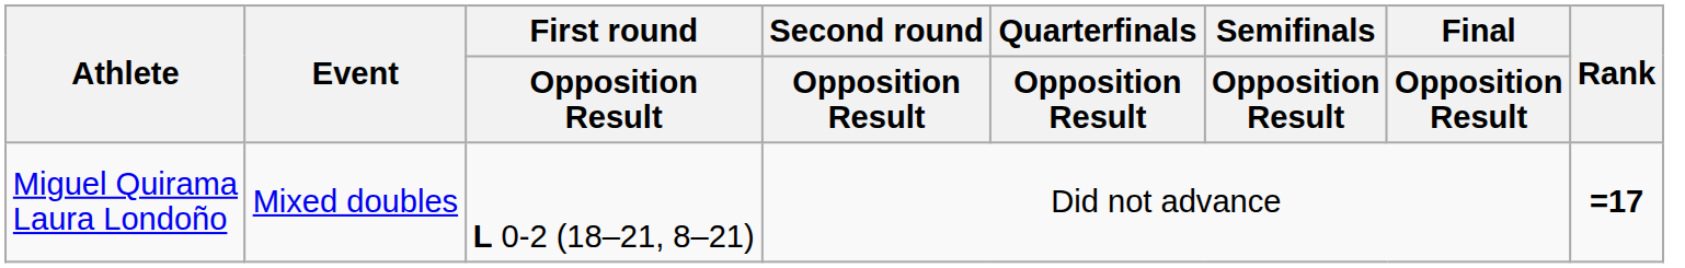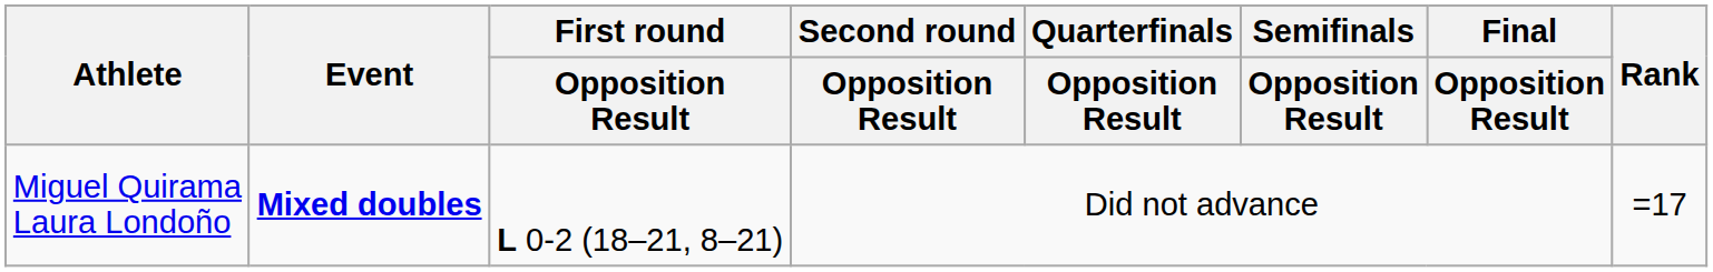 <table class=wikitable style=font-size:90%;text-align:center>
 <tr>
 <th rowspan="2">Athlete</th>
 <th rowspan="2">Event</th>
 <th>First round</th>
 <th>Second round</th>
 <th>Quarterfinals</th>
 <th>Semifinals</th>
 <th>Final</th>
 <th rowspan="2">Rank</th>
 </tr>
 <tr>
 <th>Opposition<br>Result</th>
 <th>Opposition<br>Result</th>
 <th>Opposition<br>Result</th>
 <th>Opposition<br>Result</th>
 <th>Opposition<br>Result</th>
 </tr>
 <tr>
 <td align=left><a href='#'>Miguel Quirama</a><br><a href='#'>Laura Londoño</a></td>
-<td><a href='#'>Mixed doubles</a></td>
+<td><strong><a href='#'>Mixed doubles</a></strong></td>
 <td><br><br><strong>L</strong> 0-2 (18–21, 8–21)</td>
 <td colspan=4>Did not advance</td>
-<td><strong>=17</strong></td>
+<td>=17</td>
 </tr>
 </table>
